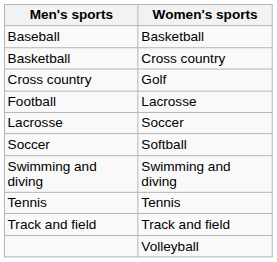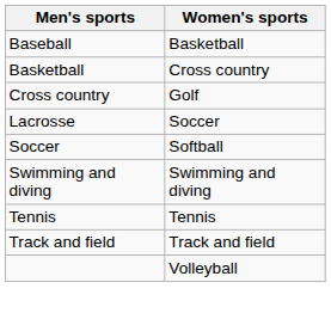 <table class="wikitable"; style= "text-align: ">
 <tr>
 <th width=150px>Men's sports</th>
 <th width=150px>Women's sports</th>
 </tr>
 <tr>
 <td>Baseball</td>
 <td>Basketball</td>
 </tr>
 <tr>
 <td>Basketball</td>
 <td>Cross country</td>
 </tr>
 <tr>
 <td>Cross country</td>
 <td>Golf</td>
-</tr>
-<tr>
-<td>Football</td>
-<td>Lacrosse</td>
 </tr>
 <tr>
 <td>Lacrosse</td>
 <td>Soccer</td>
 </tr>
 <tr>
 <td>Soccer</td>
 <td>Softball</td>
 </tr>
 <tr>
 <td>Swimming and diving</td>
 <td>Swimming and diving</td>
 </tr>
 <tr>
 <td>Tennis</td>
 <td>Tennis</td>
 </tr>
 <tr>
 <td>Track and field</td>
 <td>Track and field</td>
 </tr>
 <tr>
 <td></td>
 <td>Volleyball</td>
 </tr>
 </table>
